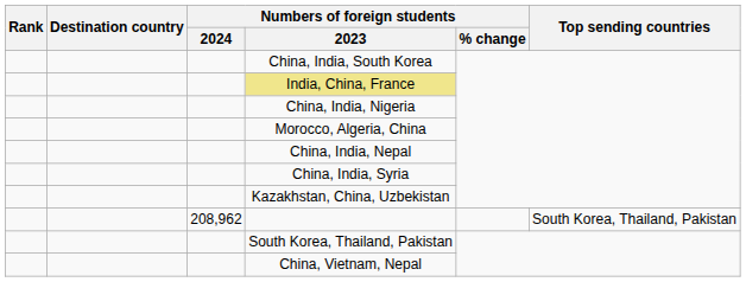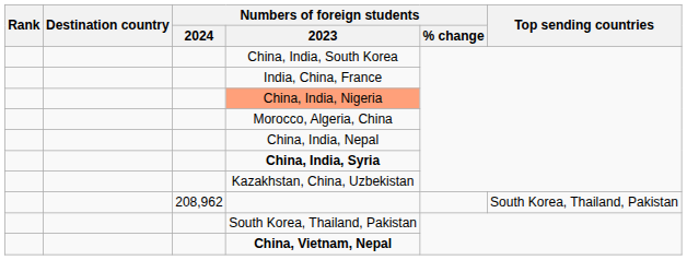 <table class="wikitable">
 <tr>
 <th rowspan=2>Rank</th>
 <th rowspan=2>Destination country</th>
 <th colspan=3>Numbers of foreign students</th>
 <th rowspan=2>Top sending countries</th>
 </tr>
 <tr>
 <th>2024</th>
 <th>2023</th>
 <th>% change</th>
 </tr>
 <tr>
 <td align=center></td>
 <td align="left"></td>
 <td></td>
 <td align="center">China, India, South Korea</td>
 </tr>
 <tr>
 <td align=center></td>
 <td align="left"></td>
 <td></td>
-<td align="center" style="background: khaki;">India, China, France</td>
+<td align="center">India, China, France</td>
 </tr>
 <tr>
 <td align=center></td>
 <td align="left"></td>
 <td></td>
-<td align="center">China, India, Nigeria</td>
+<td align="center" style="background: lightsalmon;">China, India, Nigeria</td>
 </tr>
 <tr>
 <td align=center></td>
 <td align="left"></td>
 <td></td>
 <td align="center">Morocco, Algeria, China</td>
 </tr>
 <tr>
 <td align=center></td>
 <td align="left"></td>
 <td></td>
 <td align="center">China, India, Nepal</td>
 </tr>
 <tr>
 <td align=center></td>
 <td align="left"></td>
 <td></td>
-<td align="center">China, India, Syria</td>
+<td align="center"><strong>China, India, Syria</strong></td>
 </tr>
 <tr>
 <td align=center></td>
 <td align="left"></td>
 <td></td>
 <td align="center">Kazakhstan, China, Uzbekistan</td>
 </tr>
 <tr>
 <td align=center></td>
 <td align="left"></td>
 <td align="right">208,962</td>
 <td></td>
 <td></td>
 <td align="center">South Korea, Thailand, Pakistan</td>
 </tr>
 <tr>
 <td align=center></td>
 <td align="left"></td>
 <td></td>
 <td align="center">South Korea, Thailand, Pakistan</td>
 </tr>
 <tr>
 <td align=center></td>
 <td align="left"></td>
 <td></td>
-<td align="center">China, Vietnam, Nepal</td>
+<td align="center"><strong>China, Vietnam, Nepal</strong></td>
 </tr>
 </table>
